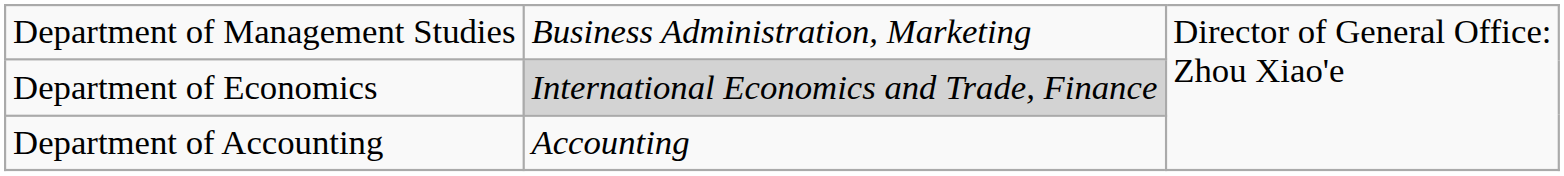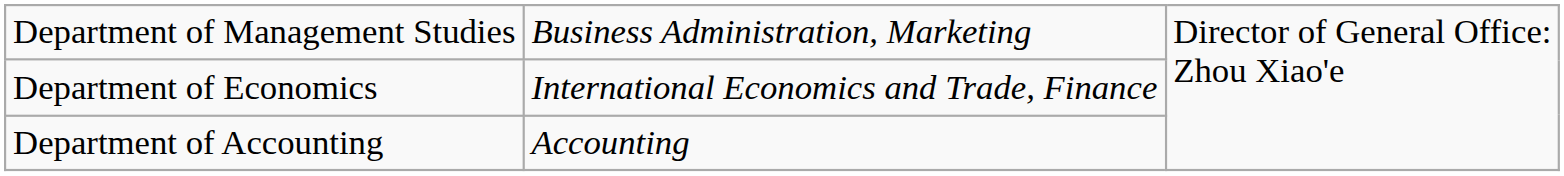 <table class="wikitable">
 <tr valign="top">
 <td>Department of Management Studies</td>
 <td><em>Business Administration, Marketing</em></td>
 <td rowspan="3">Director of General Office:<br>Zhou Xiao'e</td>
 </tr>
 <tr valign="top">
 <td>Department of Economics</td>
-<td style="background: lightgrey;"><em>International Economics and Trade, Finance</em></td>
+<td><em>International Economics and Trade, Finance</em></td>
 </tr>
 <tr valign="top">
 <td>Department of Accounting</td>
 <td><em>Accounting</em></td>
 </tr>
 </table>
